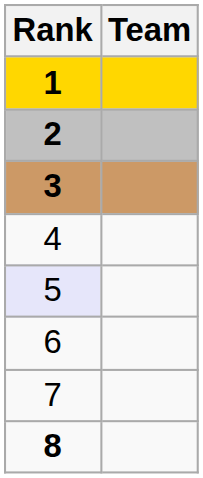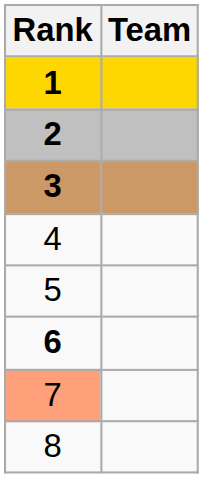 <table class="wikitable" style="text-align:center">
 <tr>
 <th>Rank</th>
 <th>Team</th>
 </tr>
 <tr bgcolor="gold">
 <td><strong>1</strong></td>
 <td align="left"><br></td>
 </tr>
 <tr bgcolor="silver">
 <td><strong>2</strong></td>
 <td align="left"><br></td>
 </tr>
 <tr bgcolor="#CC9966">
 <td><strong>3</strong></td>
 <td align="left"><br></td>
 </tr>
 <tr>
 <td>4</td>
 <td align="left"><br></td>
 </tr>
 <tr>
-<td style="background: lavender;">5</td>
+<td>5</td>
 <td align="left"><br></td>
 </tr>
 <tr>
-<td>6</td>
+<td><strong>6</strong></td>
 <td align="left"><br></td>
 </tr>
 <tr>
-<td>7</td>
+<td style="background: lightsalmon;">7</td>
 <td align="left"><br></td>
 </tr>
 <tr>
-<td><strong>8</strong></td>
+<td>8</td>
 <td align="left"></td>
 </tr>
 </table>
